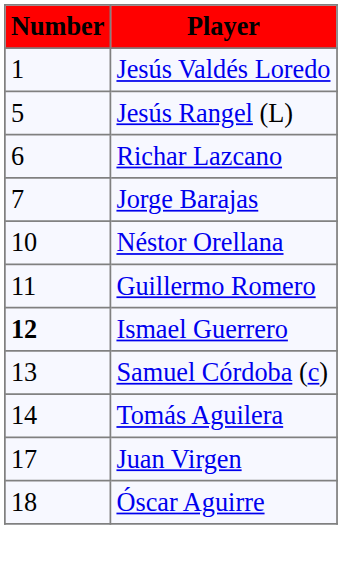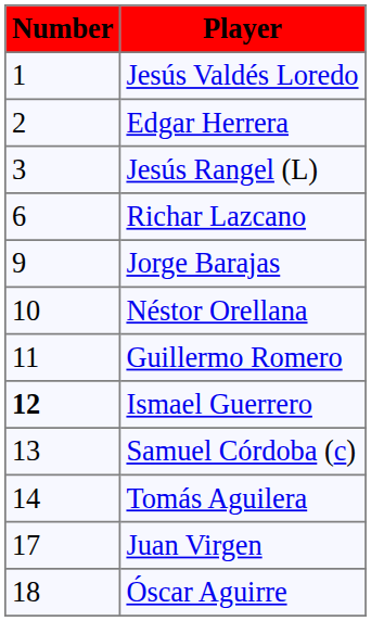 <table bgcolor="#f7f8ff" cellpadding="3" cellspacing="0" border="1" style="font-size: 95%; border: gray solid 1px; border-collapse: collapse;">
 <tr bgcolor="#ff0000">
 <td align=center><strong>Number</strong></td>
 <td align=center><strong>Player</strong></td>
 </tr>
 <tr align="left">
 <td>1</td>
 <td> <a href='#'>Jesús Valdés Loredo</a></td>
 </tr>
+<tr align=left>
+<td>2</td>
+<td> <a href='#'>Edgar Herrera</a></td>
+</tr>
 <tr align="left">
-<td>5</td>
+<td>3</td>
 <td> <a href='#'>Jesús Rangel</a> (L)</td>
 </tr>
 <tr align="left">
 <td>6</td>
 <td> <a href='#'>Richar Lazcano</a></td>
 </tr>
 <tr align="left">
-<td>7</td>
+<td>9</td>
 <td> <a href='#'>Jorge Barajas</a></td>
 </tr>
 <tr align="left">
 <td>10</td>
 <td> <a href='#'>Néstor Orellana</a></td>
 </tr>
 <tr align="left">
 <td>11</td>
 <td> <a href='#'>Guillermo Romero</a></td>
 </tr>
 <tr align="left">
 <td><strong>12</strong></td>
 <td> <a href='#'>Ismael Guerrero</a></td>
 </tr>
 <tr align="left">
 <td>13</td>
 <td> <a href='#'>Samuel Córdoba</a> (<a href='#'>c</a>)</td>
 </tr>
 <tr align="left">
 <td>14</td>
 <td> <a href='#'>Tomás Aguilera</a></td>
 </tr>
 <tr align="left">
 <td>17</td>
 <td> <a href='#'>Juan Virgen</a></td>
 </tr>
 <tr align="left">
 <td>18</td>
 <td> <a href='#'>Óscar Aguirre</a></td>
 </tr>
 </table>
